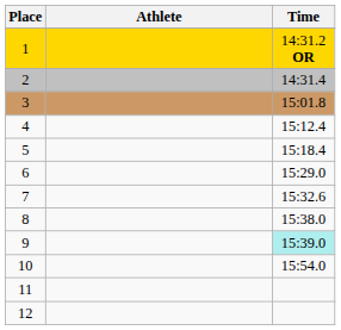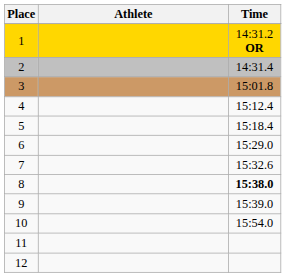 <table class=wikitable style="text-align:center">
 <tr>
 <th width=20>Place</th>
 <th width=240>Athlete</th>
 <th width=60>Time</th>
 </tr>
 <tr>
 </tr>
 <tr bgcolor=gold>
 <td>1</td>
 <td align=left></td>
 <td>14:31.2 <strong>OR</strong></td>
 </tr>
 <tr bgcolor=silver>
 <td>2</td>
 <td align=left></td>
 <td>14:31.4</td>
 </tr>
 <tr bgcolor=cc9966>
 <td>3</td>
 <td align=left></td>
 <td>15:01.8</td>
 </tr>
 <tr>
 <td>4</td>
 <td align=left></td>
 <td>15:12.4</td>
 </tr>
 <tr>
 <td>5</td>
 <td align=left></td>
 <td>15:18.4</td>
 </tr>
 <tr>
 <td>6</td>
 <td align=left></td>
 <td>15:29.0</td>
 </tr>
 <tr>
 <td>7</td>
 <td align=left></td>
 <td>15:32.6</td>
 </tr>
 <tr>
 <td>8</td>
 <td align=left></td>
-<td>15:38.0</td>
+<td><strong>15:38.0</strong></td>
 </tr>
 <tr>
 <td>9</td>
 <td align=left></td>
-<td style="background: paleturquoise;">15:39.0</td>
+<td>15:39.0</td>
 </tr>
 <tr>
 <td>10</td>
 <td align=left></td>
 <td>15:54.0</td>
 </tr>
 <tr>
 <td>11</td>
 <td align=left></td>
 <td></td>
 </tr>
 <tr>
 <td>12</td>
 <td align=left></td>
 <td></td>
 </tr>
 </table>
